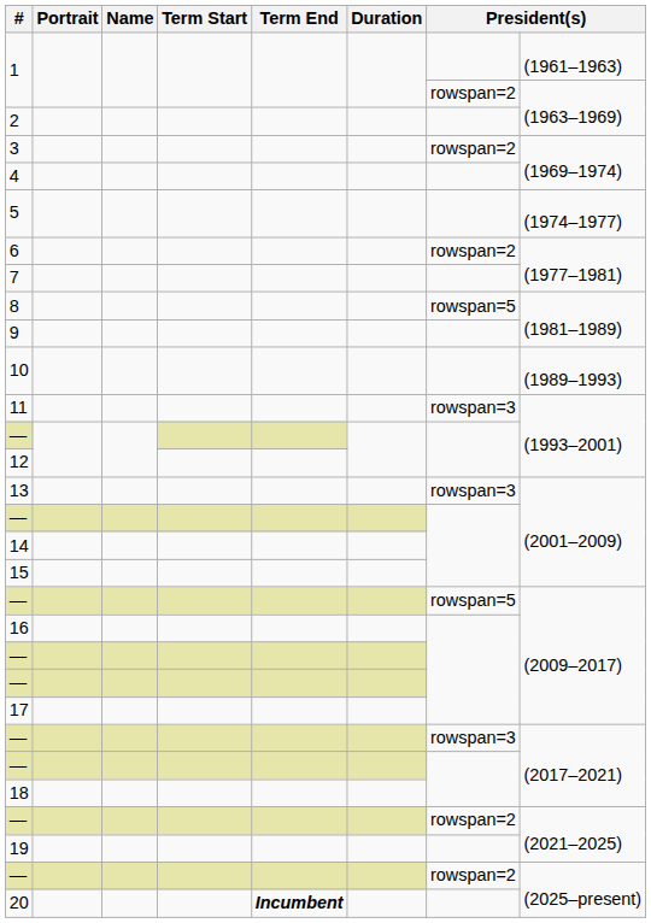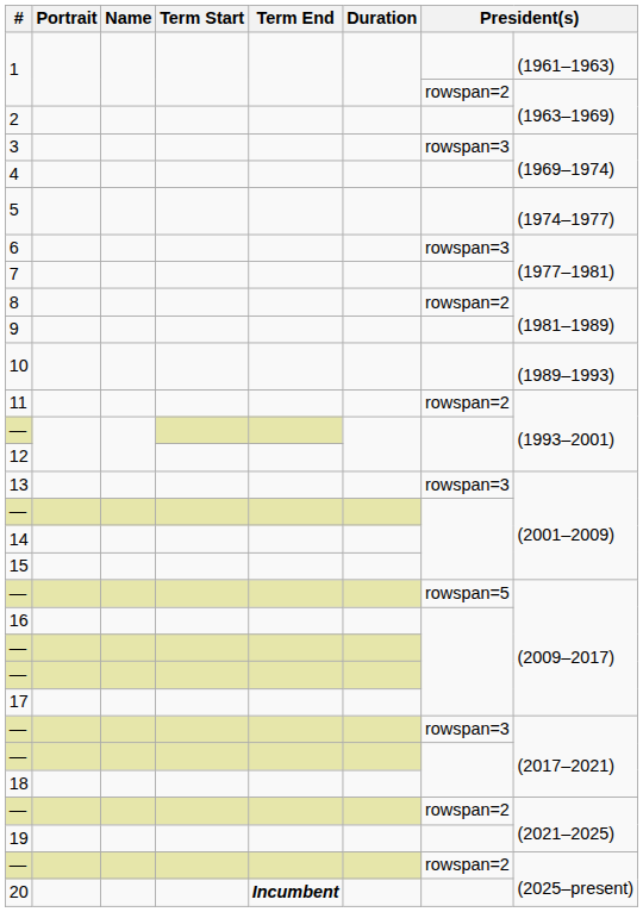 <table class="wikitable sortable">
 <tr>
 <th>#</th>
 <th class=unsortable>Portrait</th>
 <th>Name</th>
 <th>Term Start</th>
 <th>Term End</th>
 <th>Duration</th>
 <th colspan=2>President(s)</th>
 </tr>
 <tr>
 <td rowspan=2>1</td>
 <td rowspan=2 style="padding-top: 1em; padding-bottom: 1em;"></td>
 <td rowspan=2 style="padding-top: 1em; padding-bottom: 1em;"></td>
 <td rowspan=2 style="padding-top: 1em; padding-bottom: 1em;"></td>
 <td rowspan=2 style="padding-top: 1em; padding-bottom: 1em;"></td>
 <td rowspan=2></td>
 <td></td>
 <td><br>(1961–1963)</td>
 </tr>
 <tr>
 <td>rowspan=2 </td>
 <td rowspan=2><br>(1963–1969)</td>
 </tr>
 <tr>
 <td>2</td>
 <td></td>
 <td></td>
 <td></td>
 <td></td>
 <td></td>
 </tr>
 <tr>
 <td>3</td>
 <td></td>
 <td></td>
 <td></td>
 <td></td>
 <td></td>
-<td>rowspan=2 </td>
+<td>rowspan=3 </td>
 <td rowspan=2><br>(1969–1974)</td>
 </tr>
 <tr>
 <td>4</td>
 <td></td>
 <td></td>
 <td></td>
 <td></td>
 <td></td>
 </tr>
 <tr>
 <td>5</td>
 <td></td>
 <td></td>
 <td></td>
 <td></td>
 <td></td>
 <td></td>
 <td><br>(1974–1977)</td>
 </tr>
 <tr>
 <td>6</td>
 <td></td>
 <td></td>
 <td></td>
 <td></td>
 <td></td>
-<td>rowspan=2 </td>
+<td>rowspan=3 </td>
 <td rowspan=2><br>(1977–1981)</td>
 </tr>
 <tr>
 <td>7</td>
 <td></td>
 <td></td>
 <td></td>
 <td></td>
 <td></td>
 </tr>
 <tr>
 <td>8</td>
 <td></td>
 <td></td>
 <td></td>
 <td></td>
 <td></td>
-<td>rowspan=5 </td>
+<td>rowspan=2 </td>
 <td rowspan=2><br>(1981–1989)</td>
 </tr>
 <tr>
 <td>9</td>
 <td></td>
 <td></td>
 <td></td>
 <td></td>
 <td></td>
 </tr>
 <tr>
 <td>10</td>
 <td></td>
 <td></td>
 <td></td>
 <td></td>
 <td></td>
 <td></td>
 <td><br>(1989–1993)</td>
 </tr>
 <tr>
 <td>11</td>
 <td></td>
 <td></td>
 <td></td>
 <td></td>
 <td></td>
-<td>rowspan=3 </td>
+<td>rowspan=2 </td>
 <td rowspan=3><br>(1993–2001)</td>
 </tr>
 <tr>
 <td style="background: #E6E6AA;">—</td>
 <td rowspan=2></td>
 <td rowspan=2></td>
 <td style="background: #E6E6AA;"></td>
 <td style="background: #E6E6AA;"></td>
 <td rowspan=2></td>
 </tr>
 <tr>
 <td>12</td>
 <td></td>
 <td></td>
 </tr>
 <tr>
 <td>13</td>
 <td></td>
 <td></td>
 <td></td>
 <td></td>
 <td></td>
 <td>rowspan=3 </td>
 <td rowspan=4><br>(2001–2009)</td>
 </tr>
 <tr>
 <td style="background: #E6E6AA;">—</td>
 <td style="background: #E6E6AA;"></td>
 <td style="background: #E6E6AA;"><br></td>
 <td style="background: #E6E6AA;"></td>
 <td style="background: #E6E6AA;"></td>
 <td style="background: #E6E6AA;"></td>
 </tr>
 <tr>
 <td>14</td>
 <td></td>
 <td></td>
 <td></td>
 <td></td>
 <td></td>
 </tr>
 <tr>
 <td>15</td>
 <td></td>
 <td></td>
 <td></td>
 <td></td>
 <td></td>
 </tr>
 <tr>
 <td style="background: #E6E6AA;">—</td>
 <td style="background: #E6E6AA;"></td>
 <td style="background: #E6E6AA;"><br></td>
 <td style="background: #E6E6AA;"></td>
 <td style="background: #E6E6AA;"></td>
 <td style="background: #E6E6AA;"></td>
 <td>rowspan=5 </td>
 <td rowspan=5><br>(2009–2017)</td>
 </tr>
 <tr>
 <td>16</td>
 <td></td>
 <td></td>
 <td></td>
 <td></td>
 <td></td>
 </tr>
 <tr>
 <td style="background: #E6E6AA;">—</td>
 <td style="background: #E6E6AA;"></td>
 <td style="background: #E6E6AA;"><br></td>
 <td style="background: #E6E6AA;"></td>
 <td style="background: #E6E6AA;"></td>
 <td style="background: #E6E6AA;"></td>
 </tr>
 <tr>
 <td style="background: #E6E6AA;">—</td>
 <td style="background: #E6E6AA;"></td>
 <td style="background: #E6E6AA;"><br></td>
 <td style="background: #E6E6AA;"></td>
 <td style="background: #E6E6AA;"></td>
 <td style="background: #E6E6AA;"></td>
 </tr>
 <tr>
 <td>17</td>
 <td></td>
 <td></td>
 <td></td>
 <td></td>
 <td></td>
 </tr>
 <tr>
 <td style="background: #E6E6AA;">—</td>
 <td style="background: #E6E6AA;"></td>
 <td style="background: #E6E6AA;"><br></td>
 <td style="background: #E6E6AA;"></td>
 <td style="background: #E6E6AA;"></td>
 <td style="background: #E6E6AA;"></td>
 <td>rowspan=3 </td>
 <td rowspan=3><br>(2017–2021)</td>
 </tr>
 <tr>
 <td style="background: #E6E6AA;">—</td>
 <td style="background: #E6E6AA;"></td>
 <td style="background: #E6E6AA;"><br></td>
 <td style="background: #E6E6AA;"></td>
 <td style="background: #E6E6AA;"></td>
 <td style="background: #E6E6AA;"></td>
 </tr>
 <tr>
 <td>18</td>
 <td></td>
 <td></td>
 <td></td>
 <td></td>
 <td></td>
 </tr>
 <tr>
 <td style="background: #E6E6AA;">—</td>
 <td style="background: #E6E6AA;"></td>
 <td style="background: #E6E6AA;"><br></td>
 <td style="background: #E6E6AA;"></td>
 <td style="background: #E6E6AA;"></td>
 <td style="background: #E6E6AA;"></td>
 <td>rowspan=2 </td>
 <td rowspan=2><br>(2021–2025)</td>
 </tr>
 <tr>
 <td>19</td>
 <td></td>
 <td></td>
 <td></td>
 <td></td>
 <td></td>
 </tr>
 <tr>
 <td style="background: #E6E6AA;">—</td>
 <td style="background: #E6E6AA;"></td>
 <td style="background: #E6E6AA;"><br></td>
 <td style="background: #E6E6AA;"></td>
 <td style="background: #E6E6AA;"></td>
 <td style="background: #E6E6AA;"></td>
 <td>rowspan=2 </td>
 <td rowspan=2><br>(2025–present)</td>
 </tr>
 <tr>
 <td>20</td>
 <td></td>
 <td></td>
 <td></td>
 <td><strong><em>Incumbent</em></strong></td>
 <td></td>
 </tr>
 </table>
